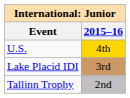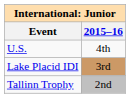 <table class="wikitable" style="text-align:center">
 <tr>
 <th colspan="2" style="background-color: #ffdead; " align="center">International: Junior</th>
 </tr>
 <tr>
 <th>Event</th>
 <th><a href='#'>2015–16</a></th>
 </tr>
 <tr>
 <td align=left> <a href='#'>U.S.</a></td>
-<td style="background: gold;">4th</td>
+<td>4th</td>
 </tr>
 <tr>
 <td align=left><a href='#'>Lake Placid IDI</a></td>
 <td bgcolor=cc9966>3rd</td>
 </tr>
 <tr>
 <td align=left><a href='#'>Tallinn Trophy</a></td>
 <td bgcolor=silver>2nd</td>
 </tr>
 </table>
